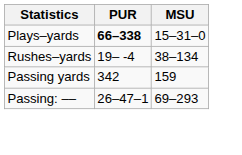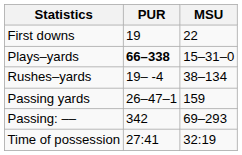 <table class="wikitable" style="float:left">
 <tr>
 <th>Statistics</th>
 <th>PUR</th>
 <th>MSU</th>
+</tr>
+<tr>
+<td>First downs</td>
+<td>19</td>
+<td>22</td>
 </tr>
 <tr>
 <td>Plays–yards</td>
 <td><strong>66–338</strong></td>
 <td>15–31–0</td>
 </tr>
 <tr>
 <td>Rushes–yards</td>
 <td>19– -4</td>
 <td>38–134</td>
 </tr>
 <tr>
 <td>Passing yards</td>
-<td>342</td>
+<td>26–47–1</td>
 <td>159</td>
 </tr>
 <tr>
 <td>Passing: ––</td>
-<td>26–47–1</td>
+<td>342</td>
 <td>69–293</td>
 </tr>
+<tr>
+<td>Time of possession</td>
+<td>27:41</td>
+<td>32:19</td>
+</tr>
 </table>
